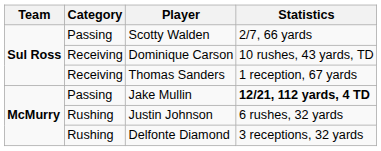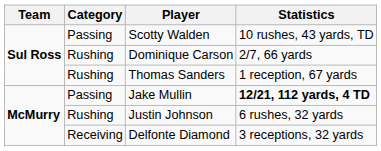 <table class="wikitable" style="float: left;">
 <tr>
 <th>Team</th>
 <th>Category</th>
 <th>Player</th>
 <th>Statistics</th>
 </tr>
 <tr>
 <td rowspan=3><strong>Sul Ross</strong></td>
 <td>Passing</td>
 <td>Scotty Walden</td>
+<td>10 rushes, 43 yards, TD</td>
+</tr>
+<tr>
+<td>Rushing</td>
+<td>Dominique Carson</td>
 <td>2/7, 66 yards</td>
 </tr>
 <tr>
-<td>Receiving</td>
-<td>Dominique Carson</td>
-<td>10 rushes, 43 yards, TD</td>
-</tr>
-<tr>
-<td>Receiving</td>
+<td>Rushing</td>
 <td>Thomas Sanders</td>
 <td>1 reception, 67 yards</td>
 </tr>
 <tr>
 <td rowspan=3><strong>McMurry</strong></td>
 <td>Passing</td>
 <td>Jake Mullin</td>
 <td><strong>12/21, 112 yards, 4 TD</strong></td>
 </tr>
 <tr>
 <td>Rushing</td>
 <td>Justin Johnson</td>
 <td>6 rushes, 32 yards</td>
 </tr>
 <tr>
-<td>Rushing</td>
+<td>Receiving</td>
 <td>Delfonte Diamond</td>
 <td>3 receptions, 32 yards</td>
 </tr>
 </table>
